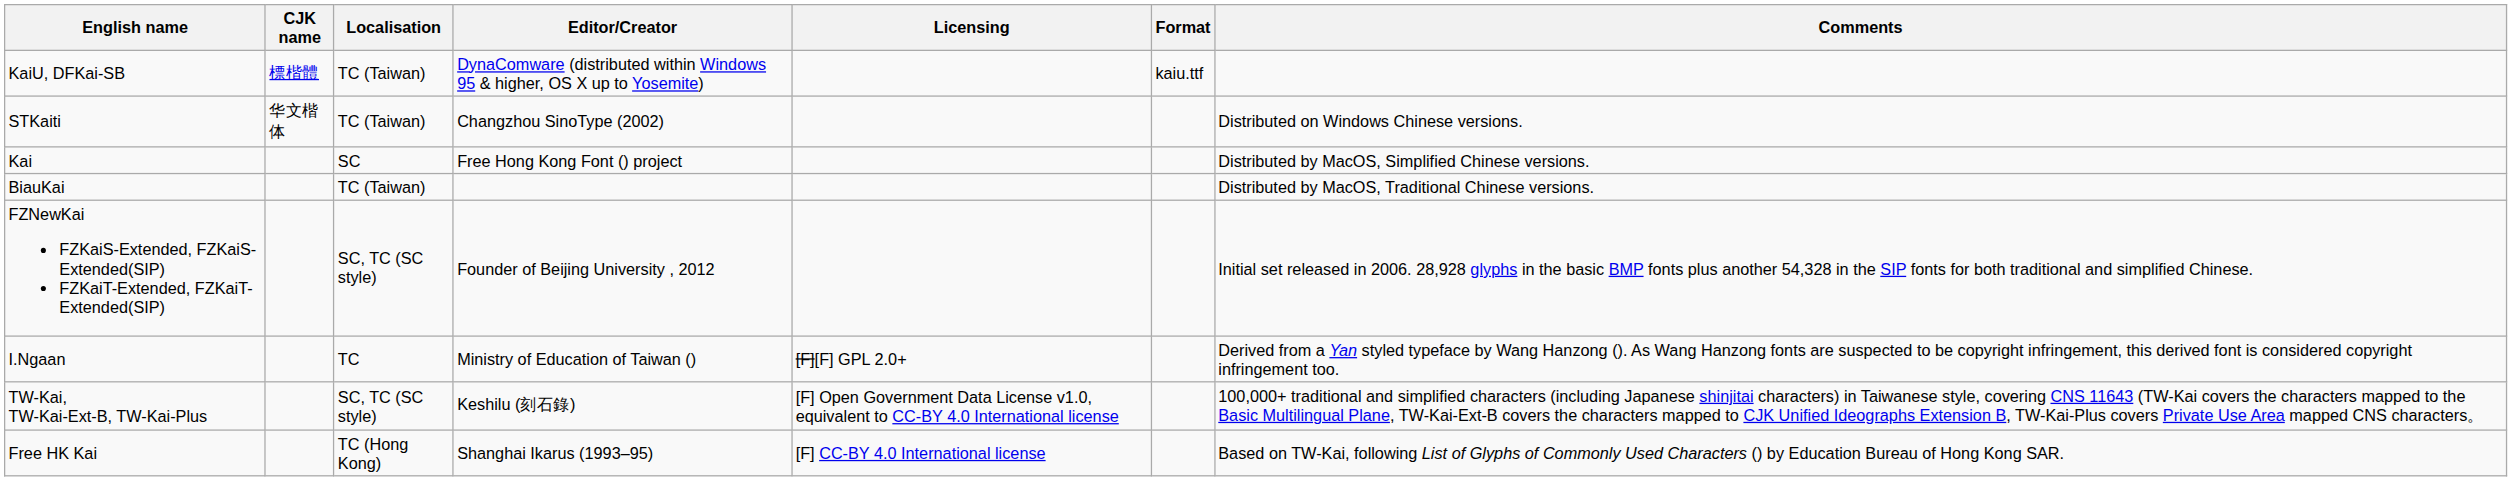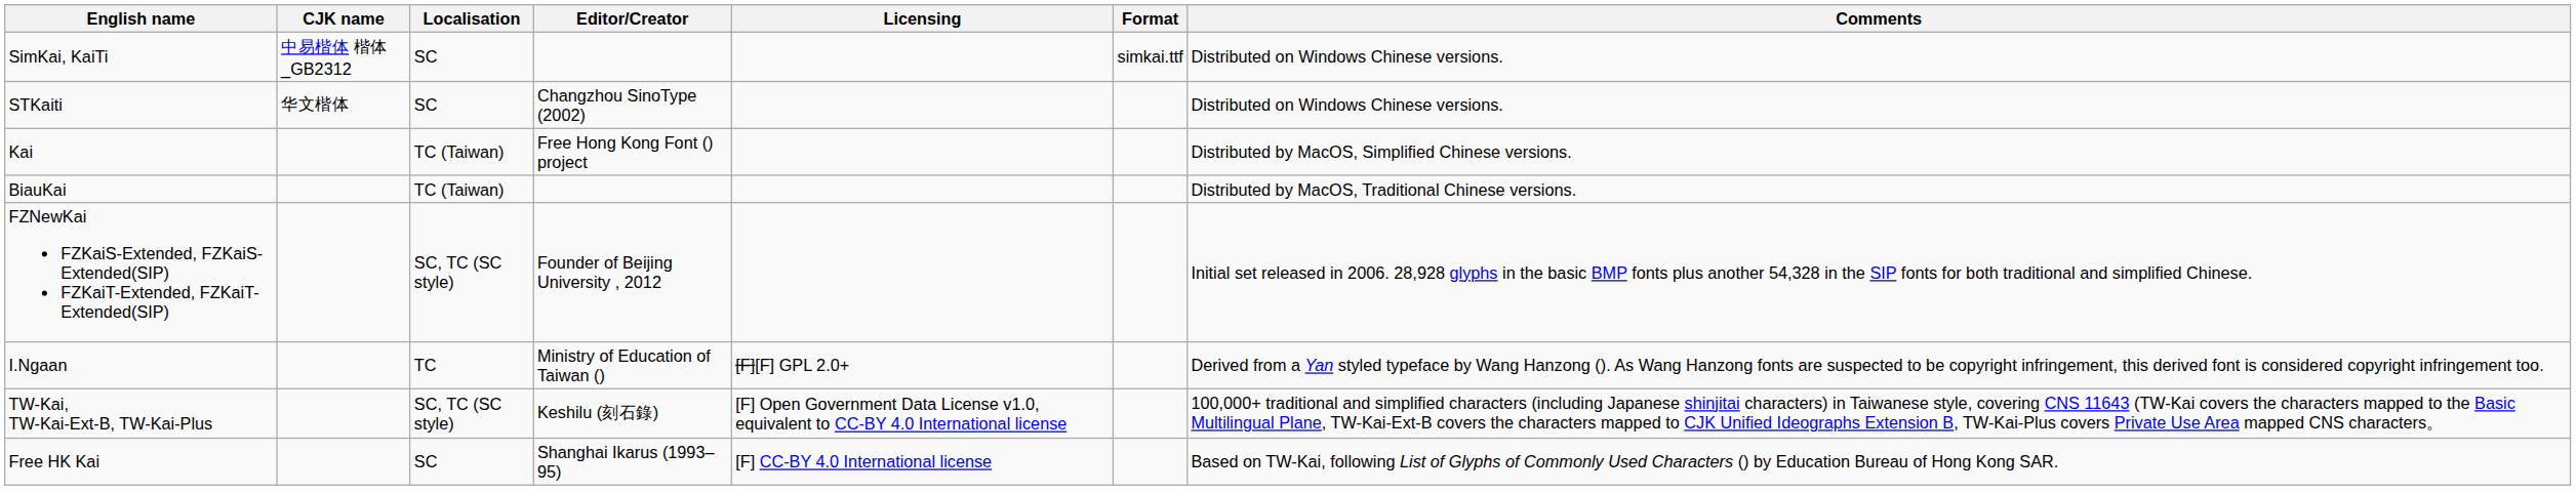 <table class="wikitable sortable" style="font-size: 0.8em;">
 <tr>
 <th>English name</th>
 <th>CJK name</th>
 <th>Localisation</th>
 <th>Editor/Creator</th>
 <th>Licensing</th>
 <th>Format</th>
 <th>Comments</th>
 </tr>
 <tr>
-<td>KaiU, DFKai-SB</td>
-<td><a href='#'>標楷體</a></td>
-<td>TC (Taiwan)</td>
-<td><a href='#'>DynaComware</a> (distributed within <a href='#'>Windows 95</a> & higher, OS X up to <a href='#'>Yosemite</a>)</td>
+<td>SimKai, KaiTi</td>
+<td><a href='#'>中易楷体</a> 楷体_GB2312</td>
+<td>SC</td>
 <td></td>
-<td>kaiu.ttf</td>
 <td></td>
+<td>simkai.ttf</td>
+<td>Distributed on Windows Chinese versions.</td>
 </tr>
 <tr>
 <td>STKaiti</td>
 <td>华文楷体</td>
-<td>TC (Taiwan)</td>
+<td>SC</td>
 <td>Changzhou SinoType (2002)</td>
 <td></td>
 <td></td>
 <td>Distributed on Windows Chinese versions.</td>
 </tr>
 <tr>
 <td>Kai</td>
 <td></td>
-<td>SC</td>
+<td>TC (Taiwan)</td>
 <td>Free Hong Kong Font () project</td>
 <td></td>
 <td></td>
 <td>Distributed by MacOS, Simplified Chinese versions.</td>
 </tr>
 <tr>
 <td>BiauKai</td>
 <td></td>
 <td>TC (Taiwan)</td>
 <td></td>
 <td></td>
 <td></td>
 <td>Distributed by MacOS, Traditional Chinese versions.</td>
 </tr>
 <tr>
 <td>FZNewKai<br><ul><li>FZKaiS-Extended, FZKaiS-Extended(SIP)</li><li>FZKaiT-Extended, FZKaiT-Extended(SIP)</li></ul></td>
 <td></td>
 <td>SC, TC (SC style)</td>
 <td>Founder of Beijing University , 2012</td>
 <td></td>
 <td></td>
 <td>Initial set released in 2006. 28,928 <a href='#'>glyphs</a> in the basic <a href='#'>BMP</a> fonts plus another 54,328 in the <a href='#'>SIP</a> fonts for both traditional and simplified Chinese.</td>
 </tr>
 <tr>
 <td>I.Ngaan</td>
 <td></td>
 <td>TC</td>
 <td>Ministry of Education of Taiwan ()</td>
 <td><span><s>[F]</s></span><span>[F]</span> GPL 2.0+</td>
 <td></td>
 <td>Derived from a <em><a href='#'>Yan</a></em> styled typeface by Wang Hanzong (). As Wang Hanzong fonts are suspected to be copyright infringement, this derived font is considered copyright infringement too.</td>
 </tr>
 <tr>
 <td>TW-Kai,<br>TW-Kai-Ext-B, TW-Kai-Plus</td>
 <td></td>
 <td>SC, TC (SC style)</td>
 <td>Keshilu (刻石錄)</td>
 <td><span>[F]</span> Open Government Data License v1.0, equivalent to <a href='#'>CC-BY 4.0 International license</a></td>
 <td></td>
 <td>100,000+ traditional and simplified characters (including Japanese <a href='#'>shinjitai</a> characters) in Taiwanese style, covering <a href='#'>CNS 11643</a> (TW-Kai covers the characters mapped to the <a href='#'>Basic Multilingual Plane</a>, TW-Kai-Ext-B covers the characters mapped to <a href='#'>CJK Unified Ideographs Extension B</a>, TW-Kai-Plus covers <a href='#'>Private Use Area</a> mapped CNS characters。</td>
 </tr>
 <tr>
 <td>Free HK Kai</td>
 <td></td>
-<td>TC (Hong Kong)</td>
+<td>SC</td>
 <td>Shanghai Ikarus (1993–95)</td>
 <td><span>[F]</span> <a href='#'>CC-BY 4.0 International license</a></td>
 <td></td>
 <td>Based on TW-Kai, following <em>List of Glyphs of Commonly Used Characters</em> () by Education Bureau of Hong Kong SAR.</td>
 </tr>
 </table>
